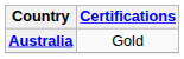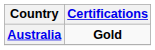 <table class="wikitable plainrowheaders">
 <tr>
 <th scope="col">Country</th>
 <th scope="col"><a href='#'>Certifications</a></th>
 </tr>
 <tr>
 <th scope="row"><a href='#'>Australia</a></th>
-<td style="text-align:center;">Gold</td>
+<td style="text-align:center;"><strong>Gold</strong></td>
 </tr>
 <tr>
 </tr>
 </table>
